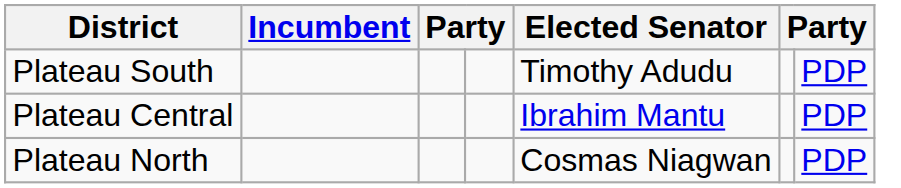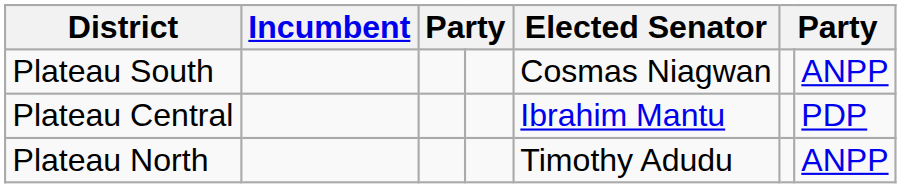 <table class="sortable wikitable" style="font-size:95%;line-height:14px;">
 <tr>
 <th class="unsortable">District</th>
 <th class="unsortable"><a href='#'>Incumbent</a></th>
 <th colspan="2">Party</th>
 <th class="unsortable">Elected Senator</th>
 <th colspan="2">Party</th>
 </tr>
 <tr>
 <td>Plateau South</td>
 <td></td>
 <td></td>
 <td></td>
-<td>Timothy Adudu</td>
+<td>Cosmas Niagwan</td>
 <td style="background:"></td>
-<td><a href='#'>PDP</a></td>
+<td><a href='#'>ANPP</a></td>
 </tr>
 <tr>
 <td>Plateau Central</td>
 <td></td>
 <td></td>
 <td></td>
 <td><a href='#'>Ibrahim Mantu</a></td>
 <td style="background:"></td>
 <td><a href='#'>PDP</a></td>
 </tr>
 <tr>
 <td>Plateau North</td>
 <td></td>
 <td></td>
 <td></td>
-<td>Cosmas Niagwan</td>
+<td>Timothy Adudu</td>
 <td style="background:"></td>
-<td><a href='#'>PDP</a></td>
+<td><a href='#'>ANPP</a></td>
 </tr>
 </table>
